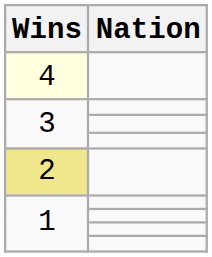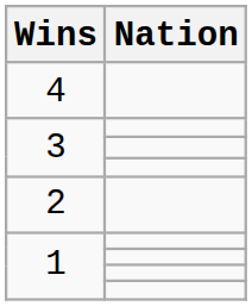 <table class="wikitable">
 <tr>
 <th>Wins</th>
 <th>Nation</th>
 </tr>
 <tr>
-<td style="background: lightyellow; text-align:center;">4</td>
+<td style="text-align:center;">4</td>
 <td></td>
 </tr>
 <tr>
 <td style="text-align:center;" rowspan="3">3</td>
 <td></td>
 </tr>
 <tr>
 <td></td>
 </tr>
 <tr>
 <td></td>
 </tr>
 <tr>
-<td style="background: khaki; text-align:center;" rowspan="1">2</td>
+<td style="text-align:center;" rowspan="1">2</td>
 <td></td>
 </tr>
 <tr>
 <td style="text-align:center;" rowspan="4">1</td>
 <td></td>
 </tr>
 <tr>
 <td></td>
 </tr>
 <tr>
 <td></td>
 </tr>
 <tr>
 <td></td>
 </tr>
 </table>
